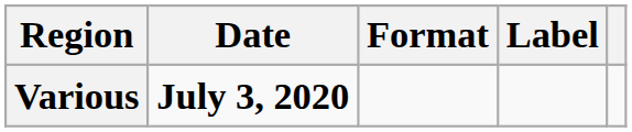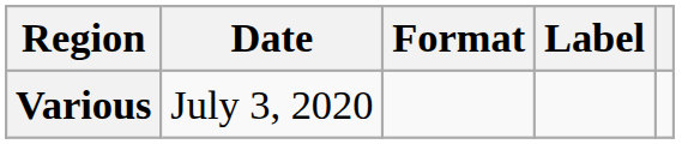 <table class="wikitable plainrowheaders">
 <tr>
 <th scope="col">Region</th>
 <th scope="col">Date</th>
 <th scope="col">Format</th>
 <th scope="col">Label</th>
 <th scope="col"></th>
 </tr>
 <tr>
 <th scope="row" rowspan="2">Various</th>
-<td><strong>July 3, 2020</strong></td>
+<td>July 3, 2020</td>
 <td></td>
 <td rowspan="2"></td>
 <td align="center"></td>
 </tr>
 </table>
